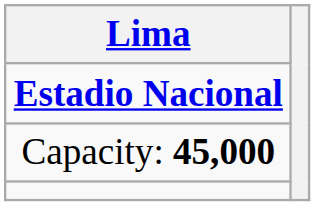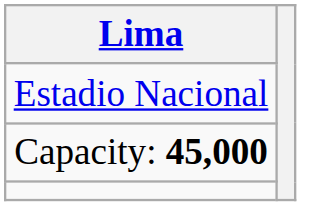 <table class=wikitable style="text-align:center">
 <tr>
 <th><a href='#'>Lima</a></th>
 <th rowspan=8></th>
 </tr>
 <tr>
-<td><strong><a href='#'>Estadio Nacional</a></strong></td>
+<td><a href='#'>Estadio Nacional</a></td>
 </tr>
 <tr>
 <td>Capacity: <strong>45,000</strong></td>
 </tr>
 <tr>
 <td></td>
 </tr>
 </table>
